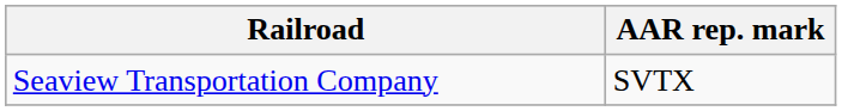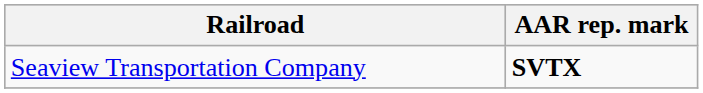 <table class="wikitable" border="1">
 <tr>
 <th width="300px">Railroad</th>
 <th width="110px">AAR rep. mark</th>
 </tr>
 <tr>
 <td width="300px"><a href='#'>Seaview Transportation Company</a></td>
-<td width="110px">SVTX</td>
+<td width="110px"><strong>SVTX</strong></td>
 </tr>
 </table>
